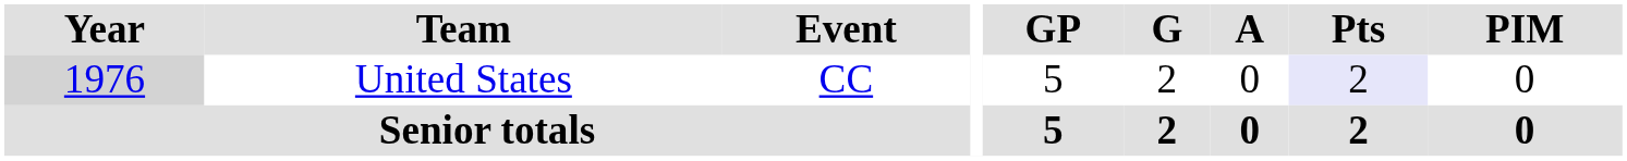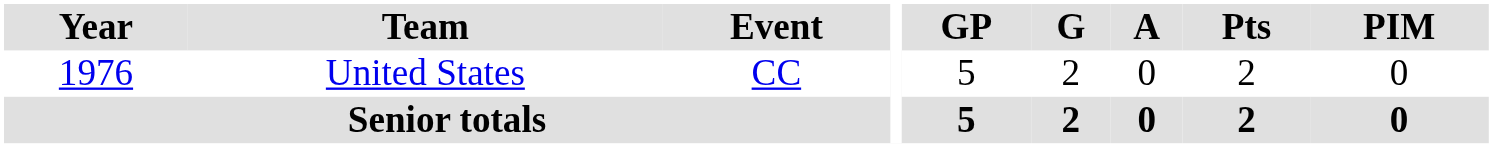 <table border="0" cellpadding="1" cellspacing="0" ID="Table3" style="text-align:center; width:40em">
 <tr bgcolor="#e0e0e0">
 <th>Year</th>
 <th>Team</th>
 <th>Event</th>
 <th rowspan="102" bgcolor="#ffffff"></th>
 <th>GP</th>
 <th>G</th>
 <th>A</th>
 <th>Pts</th>
 <th>PIM</th>
 </tr>
 <tr>
-<td style="background: lightgrey;"><a href='#'>1976</a></td>
+<td><a href='#'>1976</a></td>
 <td><a href='#'>United States</a></td>
 <td><a href='#'>CC</a></td>
 <td>5</td>
 <td>2</td>
 <td>0</td>
-<td style="background: lavender;">2</td>
+<td>2</td>
 <td>0</td>
 </tr>
 <tr bgcolor="#e0e0e0">
 <th colspan="3">Senior totals</th>
 <th>5</th>
 <th>2</th>
 <th>0</th>
 <th>2</th>
 <th>0</th>
 </tr>
 </table>
